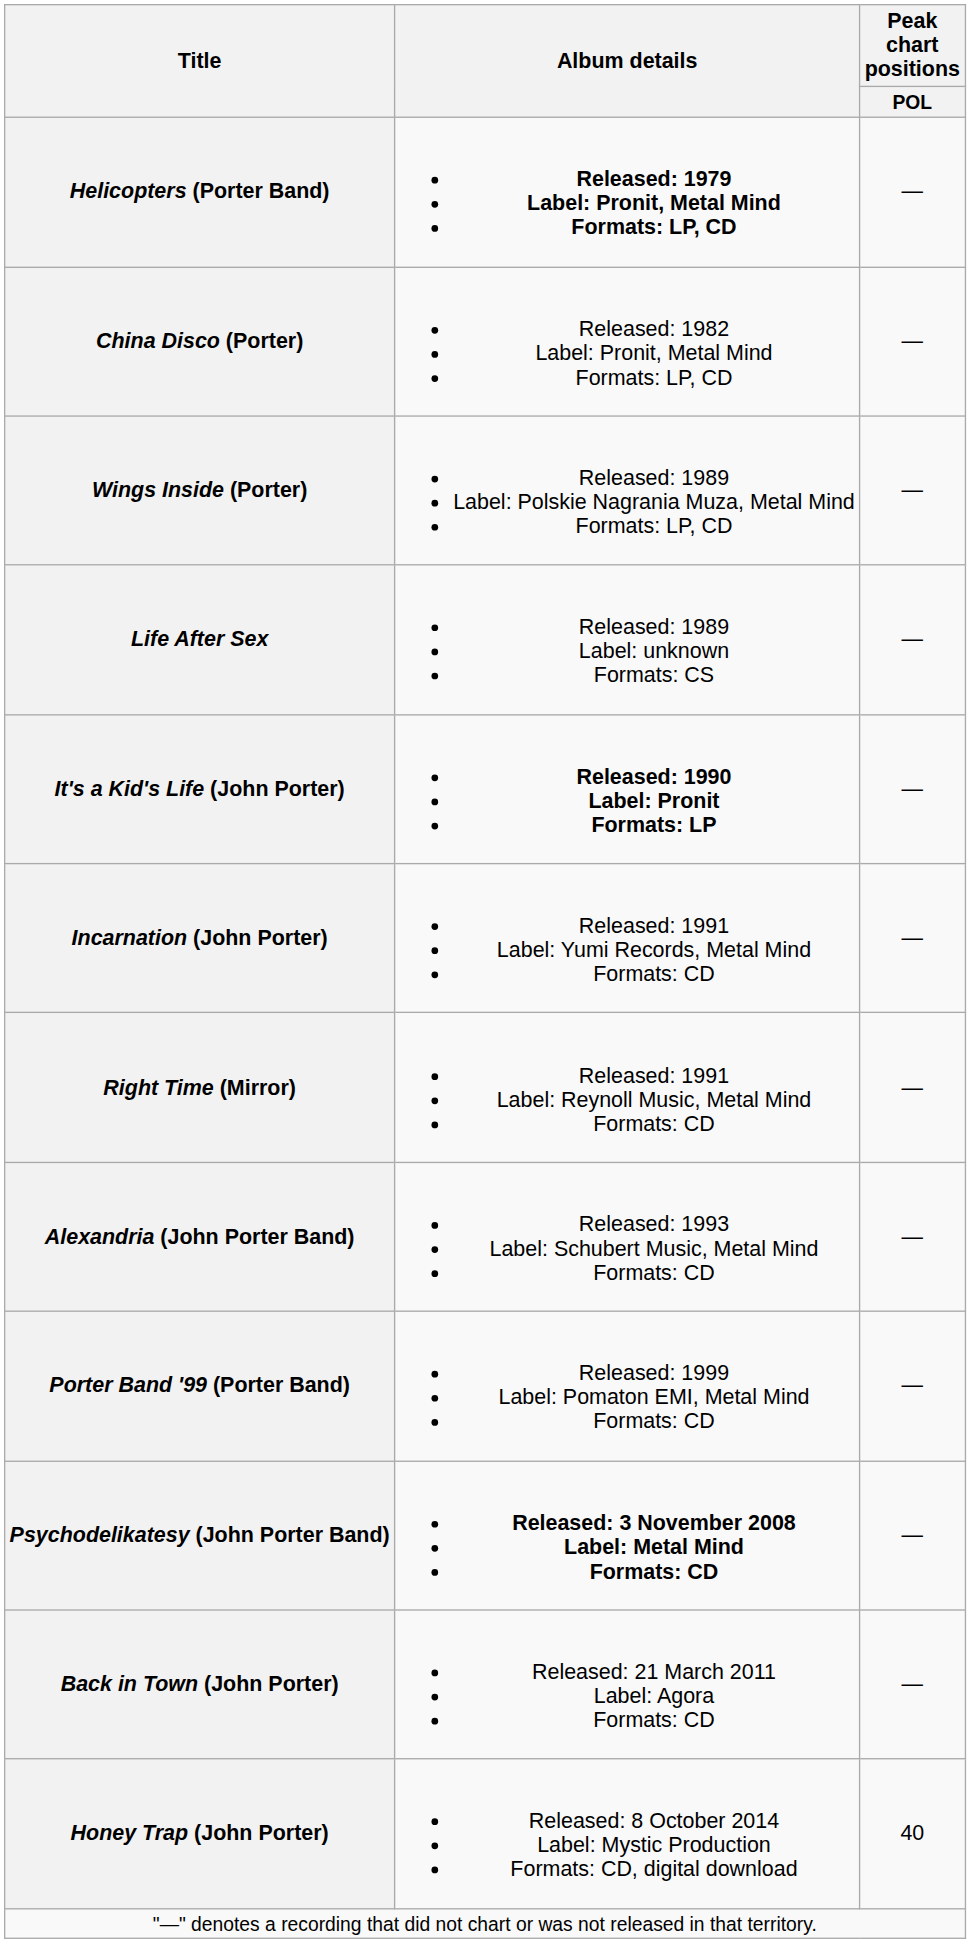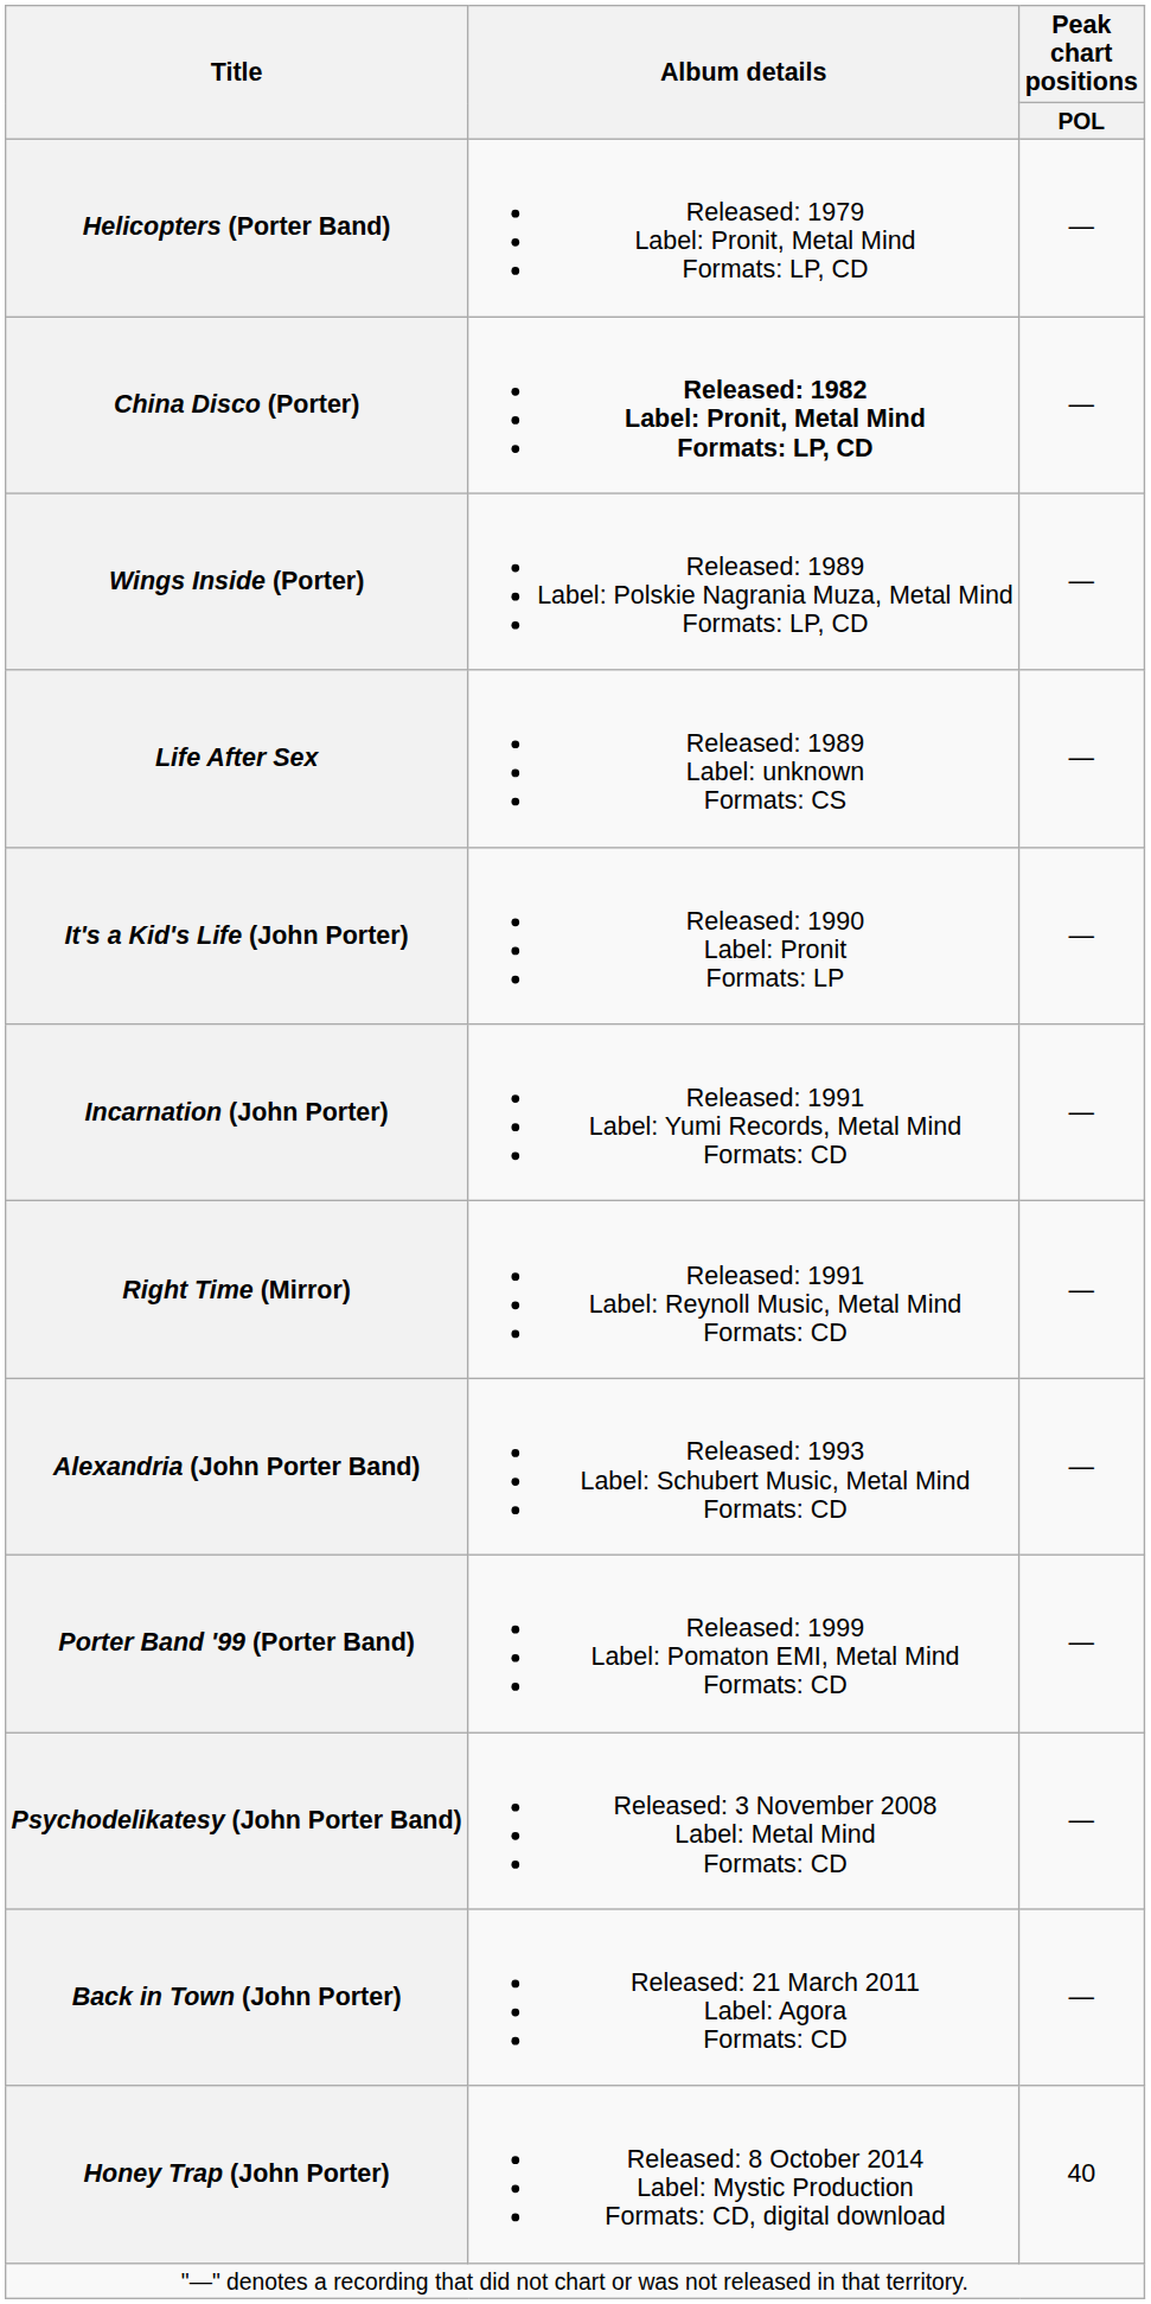 <table class="wikitable plainrowheaders" style="text-align:center;">
 <tr>
 <th scope="col" rowspan="2">Title</th>
 <th scope="col" rowspan="2">Album details</th>
 <th scope="col" colspan="1">Peak chart positions</th>
 </tr>
 <tr>
 <th scope="col" style="width:3em;font-size:90%;">POL<br></th>
 </tr>
 <tr>
 <th scope="row"><em>Helicopters</em> (Porter Band)</th>
-<td><strong><br><ul><li>Released: 1979</li><li>Label: Pronit, Metal Mind</li><li>Formats: LP, CD</li></ul></strong></td>
+<td><br><ul><li>Released: 1979</li><li>Label: Pronit, Metal Mind</li><li>Formats: LP, CD</li></ul></td>
 <td>—</td>
 </tr>
 <tr>
 <th scope="row"><em>China Disco</em> (Porter)</th>
-<td><br><ul><li>Released: 1982</li><li>Label: Pronit, Metal Mind</li><li>Formats: LP, CD</li></ul></td>
+<td><strong><br><ul><li>Released: 1982</li><li>Label: Pronit, Metal Mind</li><li>Formats: LP, CD</li></ul></strong></td>
 <td>—</td>
 </tr>
 <tr>
 <th scope="row"><em>Wings Inside</em> (Porter)</th>
 <td><br><ul><li>Released: 1989</li><li>Label: Polskie Nagrania Muza, Metal Mind</li><li>Formats: LP, CD</li></ul></td>
 <td>—</td>
 </tr>
 <tr>
 <th scope="row"><em>Life After Sex</em></th>
 <td><br><ul><li>Released: 1989</li><li>Label: unknown</li><li>Formats: CS</li></ul></td>
 <td>—</td>
 </tr>
 <tr>
 <th scope="row"><em>It's a Kid's Life</em> (John Porter)</th>
-<td><strong><br><ul><li>Released: 1990</li><li>Label: Pronit</li><li>Formats: LP</li></ul></strong></td>
+<td><br><ul><li>Released: 1990</li><li>Label: Pronit</li><li>Formats: LP</li></ul></td>
 <td>—</td>
 </tr>
 <tr>
 <th scope="row"><em>Incarnation</em> (John Porter)</th>
 <td><br><ul><li>Released: 1991</li><li>Label: Yumi Records, Metal Mind</li><li>Formats: CD</li></ul></td>
 <td>—</td>
 </tr>
 <tr>
 <th scope="row"><em>Right Time</em> (Mirror)</th>
 <td><br><ul><li>Released: 1991</li><li>Label: Reynoll Music, Metal Mind</li><li>Formats: CD</li></ul></td>
 <td>—</td>
 </tr>
 <tr>
 <th scope="row"><em>Alexandria</em> (John Porter Band)</th>
 <td><br><ul><li>Released: 1993</li><li>Label: Schubert Music, Metal Mind</li><li>Formats: CD</li></ul></td>
 <td>—</td>
 </tr>
 <tr>
 <th scope="row"><em>Porter Band '99</em> (Porter Band)</th>
 <td><br><ul><li>Released: 1999</li><li>Label: Pomaton EMI, Metal Mind</li><li>Formats: CD</li></ul></td>
 <td>—</td>
 </tr>
 <tr>
 <th scope="row"><em>Psychodelikatesy</em> (John Porter Band)</th>
-<td><strong><br><ul><li>Released: 3 November 2008</li><li>Label: Metal Mind</li><li>Formats: CD</li></ul></strong></td>
+<td><br><ul><li>Released: 3 November 2008</li><li>Label: Metal Mind</li><li>Formats: CD</li></ul></td>
 <td>—</td>
 </tr>
 <tr>
 <th scope="row"><em>Back in Town</em> (John Porter)</th>
 <td><br><ul><li>Released: 21 March 2011</li><li>Label: Agora</li><li>Formats: CD</li></ul></td>
 <td>—</td>
 </tr>
 <tr>
 <th scope="row"><em>Honey Trap</em> (John Porter)</th>
 <td><br><ul><li>Released: 8 October 2014</li><li>Label: Mystic Production</li><li>Formats: CD, digital download</li></ul></td>
 <td>40</td>
 </tr>
 <tr>
 <td colspan="20" style="font-size:90%">"—" denotes a recording that did not chart or was not released in that territory.</td>
 </tr>
 </table>
